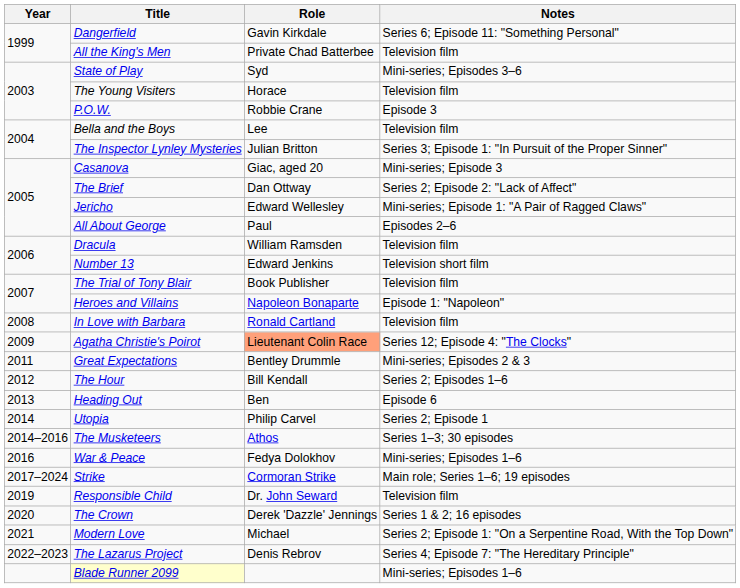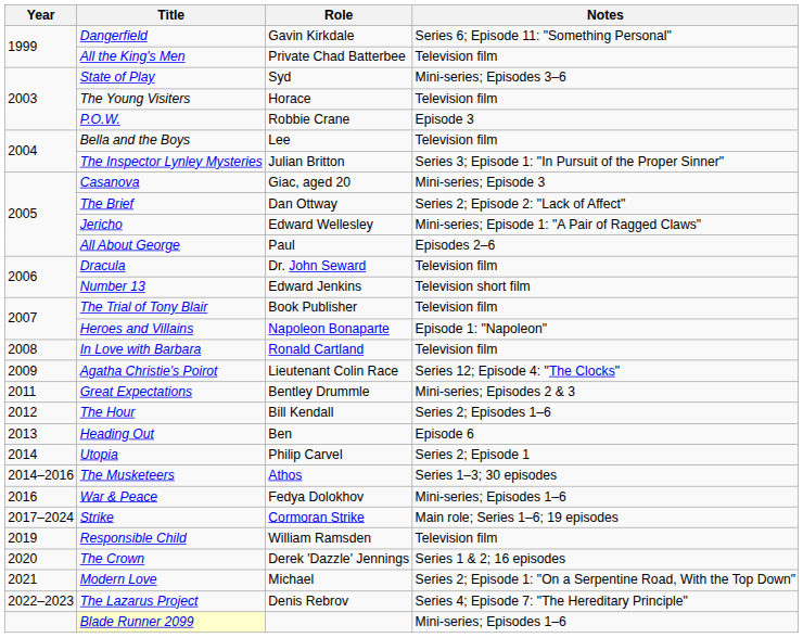 <table class="wikitable sortable">
 <tr>
 <th>Year</th>
 <th>Title</th>
 <th>Role</th>
 <th class="unsortable">Notes</th>
 </tr>
 <tr>
 <td rowspan="2">1999</td>
 <td><em><a href='#'>Dangerfield</a></em></td>
 <td>Gavin Kirkdale</td>
 <td>Series 6; Episode 11: "Something Personal"</td>
 </tr>
 <tr>
 <td><em><a href='#'>All the King's Men</a></em></td>
 <td>Private Chad Batterbee</td>
 <td>Television film</td>
 </tr>
 <tr>
 <td rowspan="3">2003</td>
 <td><em><a href='#'>State of Play</a></em></td>
 <td>Syd</td>
 <td>Mini-series; Episodes 3–6</td>
 </tr>
 <tr>
 <td><em>The Young Visiters</em></td>
 <td>Horace</td>
 <td>Television film</td>
 </tr>
 <tr>
 <td><em><a href='#'>P.O.W.</a></em></td>
 <td>Robbie Crane</td>
 <td>Episode 3</td>
 </tr>
 <tr>
 <td rowspan="2">2004</td>
 <td><em>Bella and the Boys</em></td>
 <td>Lee</td>
 <td>Television film</td>
 </tr>
 <tr>
 <td><em><a href='#'>The Inspector Lynley Mysteries</a></em></td>
 <td>Julian Britton</td>
 <td>Series 3; Episode 1: "In Pursuit of the Proper Sinner"</td>
 </tr>
 <tr>
 <td rowspan="4">2005</td>
 <td><em><a href='#'>Casanova</a></em></td>
 <td>Giac, aged 20</td>
 <td>Mini-series; Episode 3</td>
 </tr>
 <tr>
 <td><em><a href='#'>The Brief</a></em></td>
 <td>Dan Ottway</td>
 <td>Series 2; Episode 2: "Lack of Affect"</td>
 </tr>
 <tr>
 <td><em><a href='#'>Jericho</a></em></td>
 <td>Edward Wellesley</td>
 <td>Mini-series; Episode 1: "A Pair of Ragged Claws"</td>
 </tr>
 <tr>
 <td><em><a href='#'>All About George</a></em></td>
 <td>Paul</td>
 <td>Episodes 2–6</td>
 </tr>
 <tr>
 <td rowspan="2">2006</td>
 <td><em><a href='#'>Dracula</a></em></td>
-<td>William Ramsden</td>
+<td>Dr. <a href='#'>John Seward</a></td>
 <td>Television film</td>
 </tr>
 <tr>
 <td><em><a href='#'>Number 13</a></em></td>
 <td>Edward Jenkins</td>
 <td>Television short film</td>
 </tr>
 <tr>
 <td rowspan="2">2007</td>
 <td><em><a href='#'>The Trial of Tony Blair</a></em></td>
 <td>Book Publisher</td>
 <td>Television film</td>
 </tr>
 <tr>
 <td><em><a href='#'>Heroes and Villains</a></em></td>
 <td><a href='#'>Napoleon Bonaparte</a></td>
 <td>Episode 1: "Napoleon"</td>
 </tr>
 <tr>
 <td>2008</td>
 <td><em><a href='#'>In Love with Barbara</a></em></td>
 <td><a href='#'>Ronald Cartland</a></td>
 <td>Television film</td>
 </tr>
 <tr>
 <td>2009</td>
 <td><em><a href='#'>Agatha Christie's Poirot</a></em></td>
-<td style="background: lightsalmon;">Lieutenant Colin Race</td>
+<td>Lieutenant Colin Race</td>
 <td>Series 12; Episode 4: "<a href='#'>The Clocks</a>"</td>
 </tr>
 <tr>
 <td>2011</td>
 <td><em><a href='#'>Great Expectations</a></em></td>
 <td>Bentley Drummle</td>
 <td>Mini-series; Episodes 2 & 3</td>
 </tr>
 <tr>
 <td>2012</td>
 <td><em><a href='#'>The Hour</a></em></td>
 <td>Bill Kendall</td>
 <td>Series 2; Episodes 1–6</td>
 </tr>
 <tr>
 <td>2013</td>
 <td><em><a href='#'>Heading Out</a></em></td>
 <td>Ben</td>
 <td>Episode 6</td>
 </tr>
 <tr>
 <td>2014</td>
 <td><em><a href='#'>Utopia</a></em></td>
 <td>Philip Carvel</td>
 <td>Series 2; Episode 1</td>
 </tr>
 <tr>
 <td>2014–2016</td>
 <td><em><a href='#'>The Musketeers</a></em></td>
 <td><a href='#'>Athos</a></td>
 <td>Series 1–3; 30 episodes</td>
 </tr>
 <tr>
 <td>2016</td>
 <td><em><a href='#'>War & Peace</a></em></td>
 <td>Fedya Dolokhov</td>
 <td>Mini-series; Episodes 1–6</td>
 </tr>
 <tr>
 <td>2017–2024</td>
 <td><em><a href='#'>Strike</a></em></td>
 <td><a href='#'>Cormoran Strike</a></td>
 <td>Main role; Series 1–6; 19 episodes</td>
 </tr>
 <tr>
 <td>2019</td>
 <td><em><a href='#'>Responsible Child</a></em></td>
-<td>Dr. <a href='#'>John Seward</a></td>
+<td>William Ramsden</td>
 <td>Television film</td>
 </tr>
 <tr>
 <td>2020</td>
 <td><em><a href='#'>The Crown</a></em></td>
 <td>Derek 'Dazzle' Jennings</td>
 <td>Series 1 & 2; 16 episodes</td>
 </tr>
 <tr>
 <td>2021</td>
 <td><em><a href='#'>Modern Love</a></em></td>
 <td>Michael</td>
 <td>Series 2; Episode 1: "On a Serpentine Road, With the Top Down"</td>
 </tr>
 <tr>
 <td>2022–2023</td>
 <td><em><a href='#'>The Lazarus Project</a></em></td>
 <td>Denis Rebrov</td>
 <td>Series 4; Episode 7: "The Hereditary Principle"</td>
 </tr>
 <tr>
 <td></td>
 <td style="background:#FFFFCC;"><em><a href='#'>Blade Runner 2099</a></em></td>
 <td></td>
 <td>Mini-series; Episodes 1–6</td>
 </tr>
 </table>
